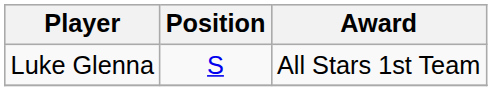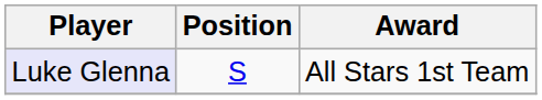 <table class="wikitable">
 <tr>
 <th>Player</th>
 <th>Position</th>
 <th>Award</th>
 </tr>
 <tr>
-<td align="center">Luke Glenna </td>
+<td align="center" style="background: lavender;">Luke Glenna </td>
 <td align="center"><a href='#'>S</a></td>
 <td>All Stars 1st Team</td>
 </tr>
 <tr>
 </tr>
 </table>
